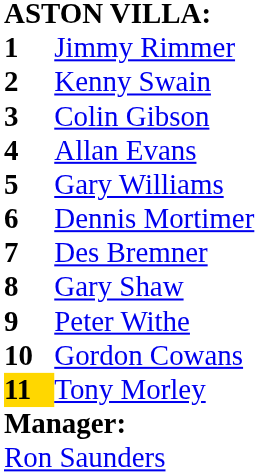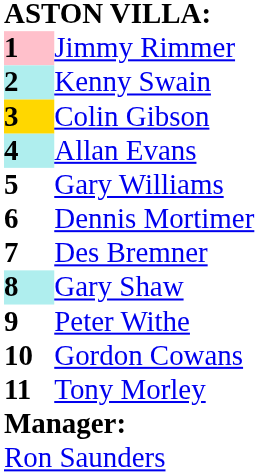 <table style="font-size: 90%" cellspacing="0" cellpadding="0">
 <tr>
 <td colspan="4"><strong>ASTON VILLA:</strong></td>
 </tr>
 <tr>
 <th width="25"></th>
 </tr>
 <tr>
-<td><strong>1</strong></td>
+<td style="background: pink;"><strong>1</strong></td>
 <td> <a href='#'>Jimmy Rimmer</a></td>
 </tr>
 <tr>
-<td><strong>2</strong></td>
+<td style="background: paleturquoise;"><strong>2</strong></td>
 <td> <a href='#'>Kenny Swain</a></td>
 </tr>
 <tr>
-<td><strong>3</strong></td>
+<td style="background: gold;"><strong>3</strong></td>
 <td> <a href='#'>Colin Gibson</a></td>
 </tr>
 <tr>
-<td><strong>4</strong></td>
+<td style="background: paleturquoise;"><strong>4</strong></td>
 <td> <a href='#'>Allan Evans</a></td>
 </tr>
 <tr>
 <td><strong>5</strong></td>
 <td> <a href='#'>Gary Williams</a></td>
 </tr>
 <tr>
 <td><strong>6</strong></td>
 <td> <a href='#'>Dennis Mortimer</a></td>
 </tr>
 <tr>
 <td><strong>7</strong></td>
 <td> <a href='#'>Des Bremner</a></td>
 </tr>
 <tr>
-<td><strong>8</strong></td>
+<td style="background: paleturquoise;"><strong>8</strong></td>
 <td> <a href='#'>Gary Shaw</a></td>
 </tr>
 <tr>
 <td><strong>9</strong></td>
 <td> <a href='#'>Peter Withe</a></td>
 </tr>
 <tr>
 <td><strong>10</strong></td>
 <td> <a href='#'>Gordon Cowans</a></td>
 </tr>
 <tr>
-<td style="background: gold;"><strong>11</strong></td>
+<td><strong>11</strong></td>
 <td> <a href='#'>Tony Morley</a></td>
 </tr>
 <tr>
 <td colspan=4><strong>Manager:</strong></td>
 </tr>
 <tr>
 <td colspan="4"> <a href='#'>Ron Saunders</a></td>
 </tr>
 </table>
